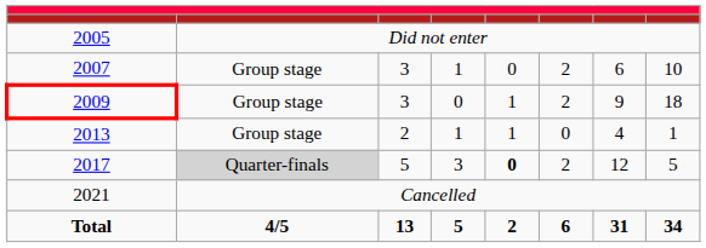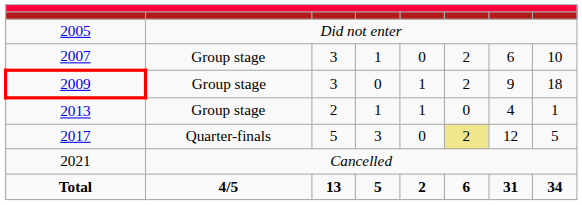 <table class="wikitable" style="text-align: center;font-size:90%;">
 <tr>
 <th style="background:#FF003F;" colspan=8></th>
 </tr>
 <tr>
 <th style="background:#B31B1B;" width=125></th>
 <th style="background:#B31B1B;" width=150></th>
 <th style="background:#B31B1B;" width=35></th>
 <th style="background:#B31B1B;" width=35></th>
 <th style="background:#B31B1B;" width=35></th>
 <th style="background:#B31B1B;" width=35></th>
 <th style="background:#B31B1B;" width=35></th>
 <th style="background:#B31B1B;" width=35></th>
 </tr>
 <tr bgcolor=>
 <td> <a href='#'>2005</a></td>
 <td colspan=8 rowspan=1><em>Did not enter</em></td>
 </tr>
 <tr bgcolor=>
 <td> <a href='#'>2007</a></td>
 <td>Group stage</td>
 <td>3</td>
 <td>1</td>
 <td>0</td>
 <td>2</td>
 <td>6</td>
 <td>10</td>
 </tr>
 <tr bgcolor=>
 <td style="border: 3px solid red"> <a href='#'>2009</a></td>
 <td>Group stage</td>
 <td>3</td>
 <td>0</td>
 <td>1</td>
 <td>2</td>
 <td>9</td>
 <td>18</td>
 </tr>
 <tr bgcolor=>
 <td> <a href='#'>2013</a></td>
 <td>Group stage</td>
 <td>2</td>
 <td>1</td>
 <td>1</td>
 <td>0</td>
 <td>4</td>
 <td>1</td>
 </tr>
 <tr>
 <td> <a href='#'>2017</a></td>
-<td style="background: lightgrey;">Quarter-finals</td>
+<td>Quarter-finals</td>
 <td>5</td>
 <td>3</td>
-<td><strong>0</strong></td>
-<td>2</td>
+<td>0</td>
+<td style="background: khaki;">2</td>
 <td>12</td>
 <td>5</td>
 </tr>
 <tr bgcolor=>
 <td> 2021</td>
 <td colspan=8 rowspan=1><em>Cancelled</em></td>
 </tr>
 <tr>
 <td><strong>Total</strong></td>
 <td><strong>4/5</strong></td>
 <td><strong>13</strong></td>
 <td><strong>5</strong></td>
 <td><strong>2</strong></td>
 <td><strong>6</strong></td>
 <td><strong>31</strong></td>
 <td><strong>34</strong></td>
 </tr>
 </table>
